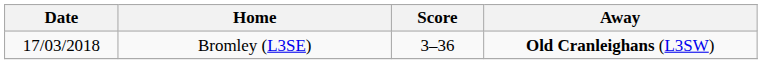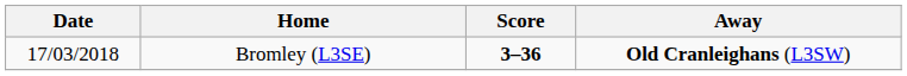 <table class="wikitable" style="text-align: center">
 <tr>
 <th width=100>Date</th>
 <th width=250>Home</th>
 <th width=80>Score</th>
 <th width=250>Away</th>
 </tr>
 <tr>
 <td>17/03/2018</td>
 <td>Bromley (<a href='#'>L3SE</a>)</td>
-<td>3–36</td>
+<td><strong>3–36</strong></td>
 <td><strong>Old Cranleighans</strong> (<a href='#'>L3SW</a>)</td>
 </tr>
 <tr>
 </tr>
 </table>
